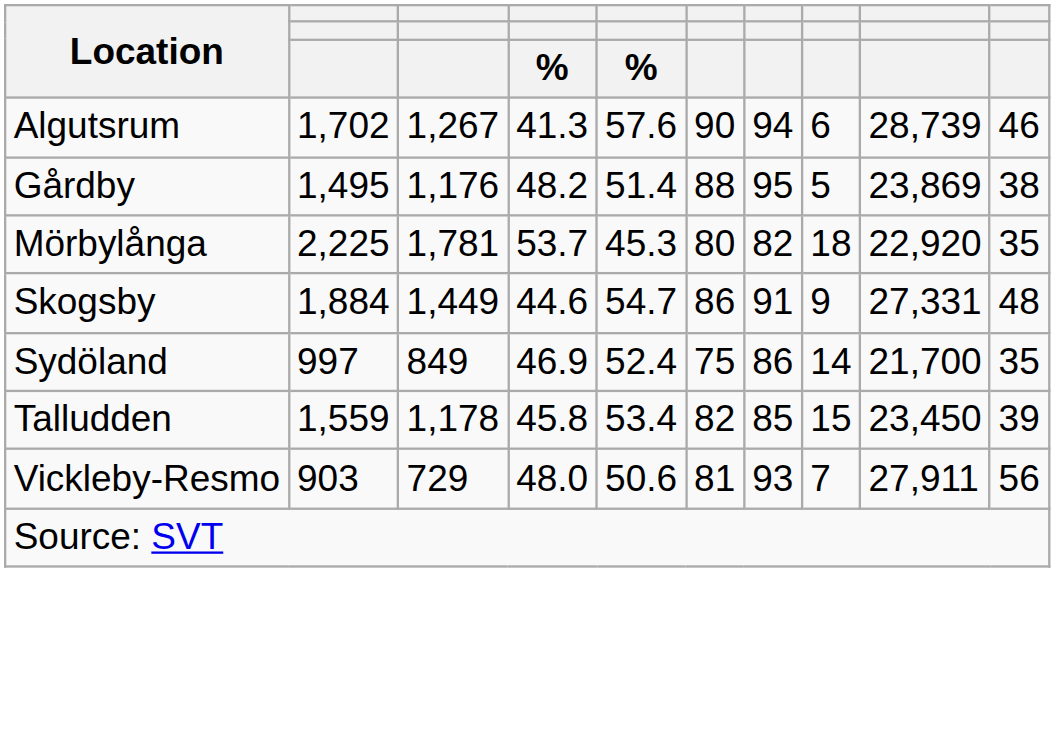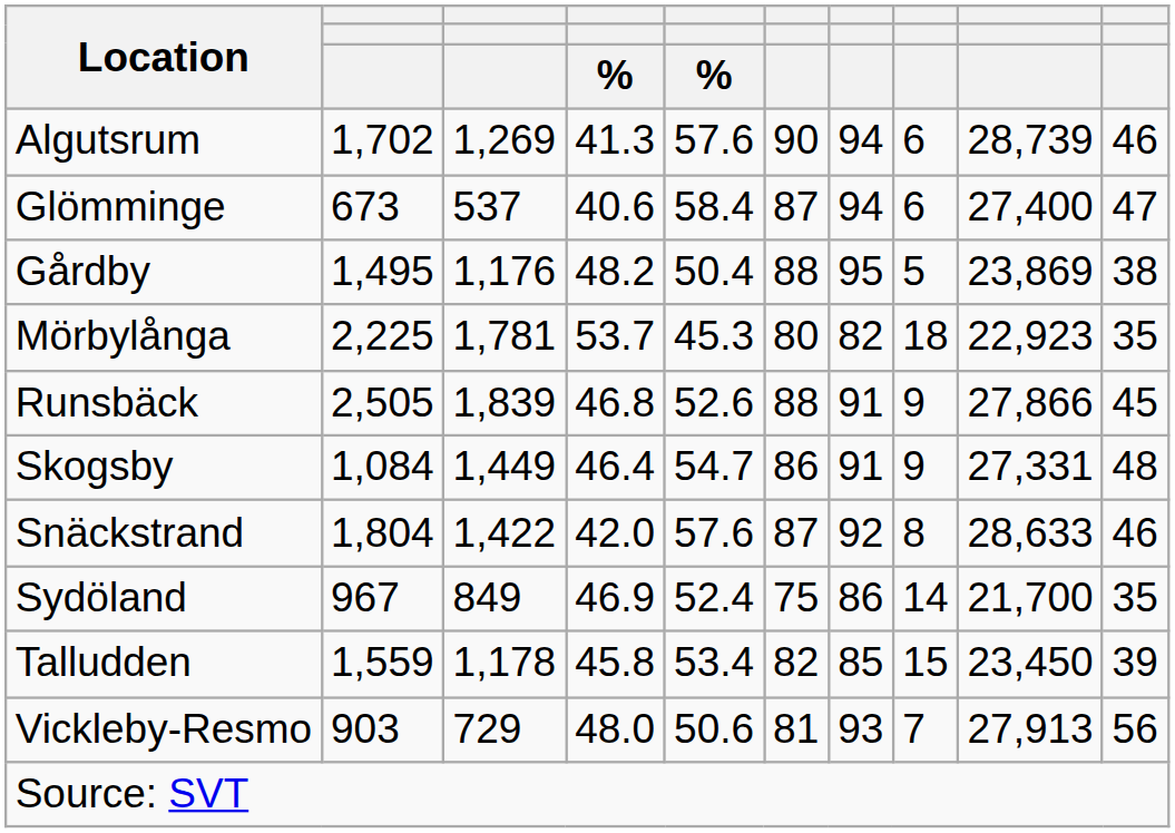 <table role="presentation" class="wikitable sortable mw-collapsible">
 <tr>
 <th rowspan="3">Location</th>
 <th></th>
 <th></th>
 <th></th>
 <th></th>
 <th></th>
 <th></th>
 <th></th>
 <th></th>
 <th></th>
 </tr>
 <tr>
 <th></th>
 <th></th>
 <th style="background:"></th>
 <th style="background:"></th>
 <th></th>
 <th></th>
 <th></th>
 <th></th>
 <th></th>
 </tr>
 <tr>
 <th data-sort-type="number"></th>
 <th data-sort-type="number"></th>
 <th data-sort-type="number">%</th>
 <th data-sort-type="number">%</th>
 <th data-sort-type="number"></th>
 <th data-sort-type="number"></th>
 <th data-sort-type="number"></th>
 <th data-sort-type="number"></th>
 <th data-sort-type="number"></th>
 </tr>
 <tr>
 <td align="left">Algutsrum</td>
 <td>1,702</td>
-<td>1,267</td>
+<td>1,269</td>
 <td>41.3</td>
 <td>57.6</td>
 <td>90</td>
 <td>94</td>
 <td>6</td>
 <td>28,739</td>
 <td>46</td>
 </tr>
 <tr>
+<td align="left">Glömminge</td>
+<td>673</td>
+<td>537</td>
+<td>40.6</td>
+<td>58.4</td>
+<td>87</td>
+<td>94</td>
+<td>6</td>
+<td>27,400</td>
+<td>47</td>
+</tr>
+<tr>
 <td align="left">Gårdby</td>
 <td>1,495</td>
 <td>1,176</td>
 <td>48.2</td>
-<td>51.4</td>
+<td>50.4</td>
 <td>88</td>
 <td>95</td>
 <td>5</td>
 <td>23,869</td>
 <td>38</td>
 </tr>
 <tr>
 <td align="left">Mörbylånga</td>
 <td>2,225</td>
 <td>1,781</td>
 <td>53.7</td>
 <td>45.3</td>
 <td>80</td>
 <td>82</td>
 <td>18</td>
-<td>22,920</td>
+<td>22,923</td>
 <td>35</td>
 </tr>
 <tr>
+<td align="left">Runsbäck</td>
+<td>2,505</td>
+<td>1,839</td>
+<td>46.8</td>
+<td>52.6</td>
+<td>88</td>
+<td>91</td>
+<td>9</td>
+<td>27,866</td>
+<td>45</td>
+</tr>
+<tr>
 <td align="left">Skogsby</td>
-<td>1,884</td>
+<td>1,084</td>
 <td>1,449</td>
-<td>44.6</td>
+<td>46.4</td>
 <td>54.7</td>
 <td>86</td>
 <td>91</td>
 <td>9</td>
 <td>27,331</td>
 <td>48</td>
 </tr>
 <tr>
+<td align="left">Snäckstrand</td>
+<td>1,804</td>
+<td>1,422</td>
+<td>42.0</td>
+<td>57.6</td>
+<td>87</td>
+<td>92</td>
+<td>8</td>
+<td>28,633</td>
+<td>46</td>
+</tr>
+<tr>
 <td align="left">Sydöland</td>
-<td>997</td>
+<td>967</td>
 <td>849</td>
 <td>46.9</td>
 <td>52.4</td>
 <td>75</td>
 <td>86</td>
 <td>14</td>
 <td>21,700</td>
 <td>35</td>
 </tr>
 <tr>
 <td align="left">Talludden</td>
 <td>1,559</td>
 <td>1,178</td>
 <td>45.8</td>
 <td>53.4</td>
 <td>82</td>
 <td>85</td>
 <td>15</td>
 <td>23,450</td>
 <td>39</td>
 </tr>
 <tr>
 <td align="left">Vickleby-Resmo</td>
 <td>903</td>
 <td>729</td>
 <td>48.0</td>
 <td>50.6</td>
 <td>81</td>
 <td>93</td>
 <td>7</td>
-<td>27,911</td>
+<td>27,913</td>
 <td>56</td>
 </tr>
 <tr>
 <td colspan="10" align="left">Source: <a href='#'>SVT</a></td>
 </tr>
 </table>
